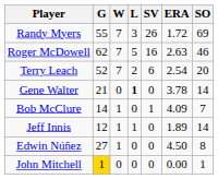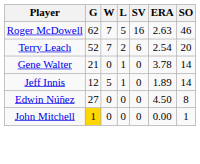 <table class="wikitable sortable">
 <tr>
 <th>Player</th>
 <th>G</th>
 <th>W</th>
 <th>L</th>
 <th>SV</th>
 <th>ERA</th>
 <th>SO</th>
-</tr>
-<tr align="center">
-<td><a href='#'>Randy Myers</a></td>
-<td>55</td>
-<td>7</td>
-<td>3</td>
-<td>26</td>
-<td>1.72</td>
-<td>69</td>
 </tr>
 <tr align=center>
 <td><a href='#'>Roger McDowell</a></td>
 <td>62</td>
 <td>7</td>
 <td>5</td>
 <td>16</td>
 <td>2.63</td>
 <td>46</td>
 </tr>
 <tr align="center">
 <td><a href='#'>Terry Leach</a></td>
 <td>52</td>
 <td>7</td>
 <td>2</td>
 <td>6</td>
 <td>2.54</td>
 <td>20</td>
 </tr>
 <tr align="center">
 <td><a href='#'>Gene Walter</a></td>
 <td>21</td>
 <td>0</td>
-<td><strong>1</strong></td>
+<td>1</td>
 <td>0</td>
 <td>3.78</td>
 <td>14</td>
 </tr>
 <tr align="center">
-<td><a href='#'>Bob McClure</a></td>
-<td>14</td>
-<td>1</td>
-<td>0</td>
-<td>1</td>
-<td>4.09</td>
-<td>7</td>
-</tr>
-<tr align="center">
 <td><a href='#'>Jeff Innis</a></td>
 <td>12</td>
-<td>1</td>
+<td>5</td>
 <td>1</td>
 <td>0</td>
 <td>1.89</td>
 <td>14</td>
 </tr>
 <tr align="center">
 <td><a href='#'>Edwin Núñez</a></td>
 <td>27</td>
-<td>1</td>
+<td>0</td>
 <td>0</td>
 <td>0</td>
 <td>4.50</td>
 <td>8</td>
 </tr>
 <tr align="center">
 <td><a href='#'>John Mitchell</a></td>
 <td style="background: gold;">1</td>
 <td>0</td>
 <td>0</td>
 <td>0</td>
 <td>0.00</td>
 <td>1</td>
 </tr>
 </table>
